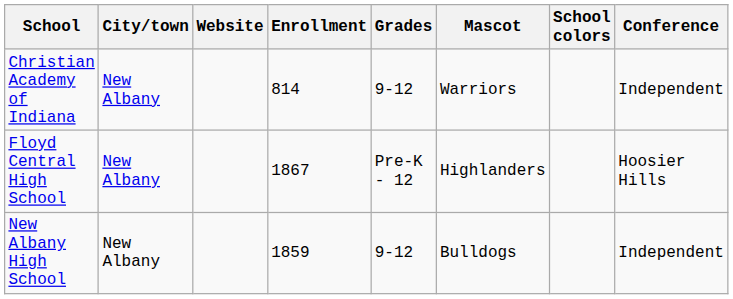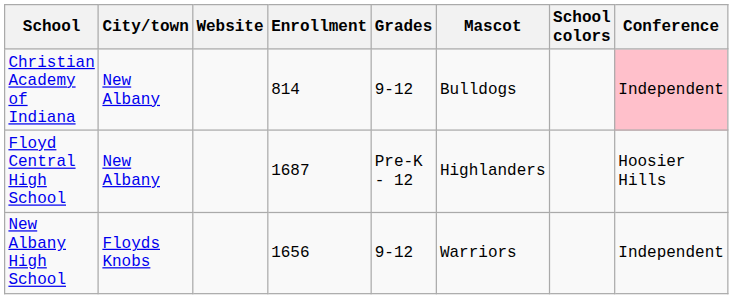 <table class="wikitable sortable" width="70%">
 <tr>
 <th width="20%">School</th>
 <th width="08%">City/town</th>
 <th width="06%">Website</th>
 <th width="04%">Enrollment</th>
 <th width="04%">Grades</th>
 <th width="04%">Mascot</th>
 <th width=01%>School colors</th>
 <th width="04%">Conference</th>
 </tr>
 <tr>
 <td><a href='#'>Christian Academy of Indiana</a></td>
 <td><a href='#'>New Albany</a></td>
 <td></td>
 <td>814</td>
 <td>9-12</td>
-<td>Warriors</td>
+<td>Bulldogs</td>
 <td> </td>
-<td>Independent</td>
+<td style="background: pink;">Independent</td>
 </tr>
 <tr>
 <td><a href='#'>Floyd Central High School</a></td>
 <td><a href='#'>New Albany</a></td>
 <td></td>
-<td>1867</td>
+<td>1687</td>
 <td>Pre-K - 12</td>
 <td>Highlanders</td>
 <td> </td>
 <td>Hoosier Hills</td>
 </tr>
 <tr>
 <td><a href='#'>New Albany High School</a></td>
-<td>New Albany</td>
+<td><a href='#'>Floyds Knobs</a></td>
 <td></td>
-<td>1859</td>
+<td>1656</td>
 <td>9-12</td>
-<td>Bulldogs</td>
+<td>Warriors</td>
 <td> </td>
 <td>Independent</td>
 </tr>
 </table>
